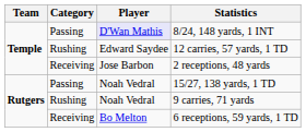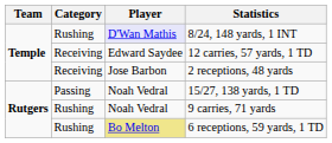 <table class="wikitable" style="float: left;">
 <tr>
 <th>Team</th>
 <th>Category</th>
 <th>Player</th>
 <th>Statistics</th>
 </tr>
 <tr>
 <td rowspan=3><strong>Temple</strong></td>
-<td>Passing</td>
+<td>Rushing</td>
 <td style="background: lavender;"><a href='#'>D'Wan Mathis</a></td>
 <td>8/24, 148 yards, 1 INT</td>
 </tr>
 <tr>
-<td>Rushing</td>
+<td>Receiving</td>
 <td>Edward Saydee</td>
 <td>12 carries, 57 yards, 1 TD</td>
 </tr>
 <tr>
 <td>Receiving</td>
 <td>Jose Barbon</td>
 <td>2 receptions, 48 yards</td>
 </tr>
 <tr>
 <td rowspan=3><strong>Rutgers</strong></td>
 <td>Passing</td>
 <td>Noah Vedral</td>
 <td>15/27, 138 yards, 1 TD</td>
 </tr>
 <tr>
 <td>Rushing</td>
 <td>Noah Vedral</td>
 <td>9 carries, 71 yards</td>
 </tr>
 <tr>
-<td>Receiving</td>
-<td><a href='#'>Bo Melton</a></td>
+<td>Rushing</td>
+<td style="background: khaki;"><a href='#'>Bo Melton</a></td>
 <td>6 receptions, 59 yards, 1 TD</td>
 </tr>
 </table>
